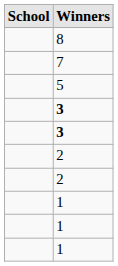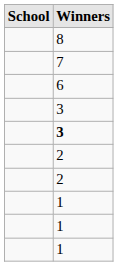 <table class="wikitable">
 <tr>
 <th style="background:#e5e5e5;">School</th>
 <th style="background:#e5e5e5;">Winners</th>
 </tr>
 <tr>
 <td><strong><a href='#'></a></strong></td>
 <td>8</td>
 </tr>
 <tr>
 <td><strong><a href='#'></a></strong></td>
 <td>7</td>
 </tr>
 <tr>
 <td><strong><a href='#'></a></strong></td>
-<td>5</td>
+<td>6</td>
 </tr>
 <tr>
 <td><strong><a href='#'></a></strong></td>
-<td><strong>3</strong></td>
+<td>3</td>
 </tr>
 <tr>
 <td><strong><a href='#'></a></strong></td>
 <td><strong>3</strong></td>
 </tr>
 <tr>
 <td><strong><a href='#'></a></strong></td>
 <td>2</td>
 </tr>
 <tr>
 <td><strong><a href='#'></a></strong></td>
 <td>2</td>
 </tr>
 <tr>
 <td><strong><a href='#'></a></strong></td>
 <td>1</td>
 </tr>
 <tr>
 <td><strong><a href='#'></a></strong></td>
 <td>1</td>
 </tr>
 <tr>
 <td><strong><a href='#'></a></strong></td>
 <td>1</td>
 </tr>
 </table>
